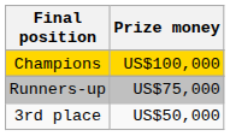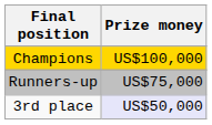 <table Class="wikitable" style="text-align: center;" style="font-size: 95%">
 <tr>
 <th>Final<br>position</th>
 <th>Prize money</th>
 </tr>
 <tr>
 </tr>
 <tr style="background:gold;">
 <td>Champions</td>
 <td align=right>US$100,000</td>
 </tr>
 <tr>
 </tr>
 <tr style="background:silver;">
 <td>Runners-up</td>
 <td align=right>US$75,000</td>
 </tr>
 <tr>
 <td>3rd place</td>
-<td align=right>US$50,000</td>
+<td align=right style="background: lavender;">US$50,000</td>
 </tr>
 </table>
